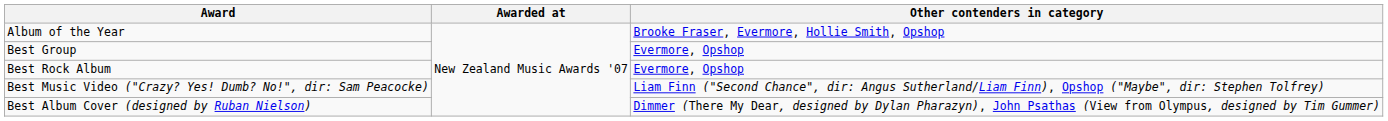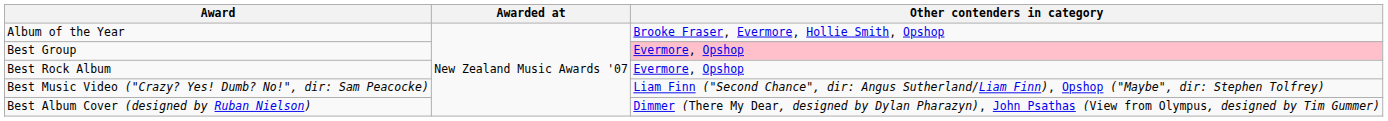 <table class="wikitable" style="font-size: 95%;">
 <tr>
 <th>Award</th>
 <th>Awarded at</th>
 <th>Other contenders in category</th>
 </tr>
 <tr>
 <td>Album of the Year</td>
 <td rowspan="5">New Zealand Music Awards '07</td>
 <td><a href='#'>Brooke Fraser</a>, <a href='#'>Evermore</a>, <a href='#'>Hollie Smith</a>, <a href='#'>Opshop</a></td>
 </tr>
 <tr>
 <td>Best Group</td>
-<td><a href='#'>Evermore</a>, <a href='#'>Opshop</a></td>
+<td style="background: pink;"><a href='#'>Evermore</a>, <a href='#'>Opshop</a></td>
 </tr>
 <tr>
 <td>Best Rock Album</td>
 <td><a href='#'>Evermore</a>, <a href='#'>Opshop</a></td>
 </tr>
 <tr>
 <td>Best Music Video <em>("Crazy? Yes! Dumb? No!", dir: Sam Peacocke)</em></td>
 <td><a href='#'>Liam Finn</a> <em>("Second Chance", dir: Angus Sutherland/<a href='#'>Liam Finn</a>)</em>, <a href='#'>Opshop</a> <em>("Maybe", dir: Stephen Tolfrey)</em></td>
 </tr>
 <tr>
 <td>Best Album Cover <em>(designed by <a href='#'>Ruban Nielson</a>)</em></td>
 <td><a href='#'>Dimmer</a> <em>(</em>There My Dear<em>, designed by Dylan Pharazyn)</em>, <a href='#'>John Psathas</a> <em>(</em>View from Olympus<em>, designed by Tim Gummer)</em></td>
 </tr>
 </table>
